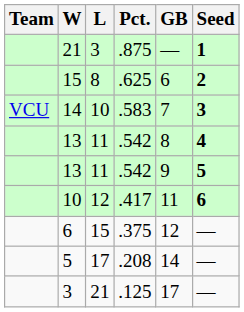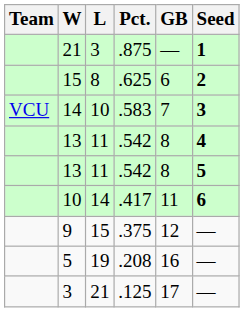 <table class=wikitable>
 <tr>
 <th>Team</th>
 <th>W</th>
 <th>L</th>
 <th>Pct.</th>
 <th>GB</th>
 <th>Seed</th>
 </tr>
 <tr bgcolor=ccffcc>
 <td></td>
 <td>21</td>
 <td>3</td>
 <td>.875</td>
 <td>—</td>
 <td><strong>1</strong></td>
 </tr>
 <tr bgcolor=ccffcc>
 <td></td>
 <td>15</td>
 <td>8</td>
 <td>.625</td>
 <td>6</td>
 <td><strong>2</strong></td>
 </tr>
 <tr bgcolor=ccffcc>
 <td><a href='#'>VCU</a></td>
 <td>14</td>
 <td>10</td>
 <td>.583</td>
 <td>7</td>
 <td><strong>3</strong></td>
 </tr>
 <tr bgcolor=ccffcc>
 <td></td>
 <td>13</td>
 <td>11</td>
 <td>.542</td>
 <td>8</td>
 <td><strong>4</strong></td>
 </tr>
 <tr bgcolor=ccffcc>
 <td></td>
 <td>13</td>
 <td>11</td>
 <td>.542</td>
-<td>9</td>
+<td>8</td>
 <td><strong>5</strong></td>
 </tr>
 <tr bgcolor=ccffcc>
 <td></td>
 <td>10</td>
-<td>12</td>
+<td>14</td>
 <td>.417</td>
 <td>11</td>
 <td><strong>6</strong></td>
 </tr>
 <tr>
 <td></td>
-<td>6</td>
+<td>9</td>
 <td>15</td>
 <td>.375</td>
 <td>12</td>
 <td>—</td>
 </tr>
 <tr>
 <td></td>
 <td>5</td>
-<td>17</td>
+<td>19</td>
 <td>.208</td>
-<td>14</td>
+<td>16</td>
 <td>—</td>
 </tr>
 <tr>
 <td></td>
 <td>3</td>
 <td>21</td>
 <td>.125</td>
 <td>17</td>
 <td>—</td>
 </tr>
 </table>
